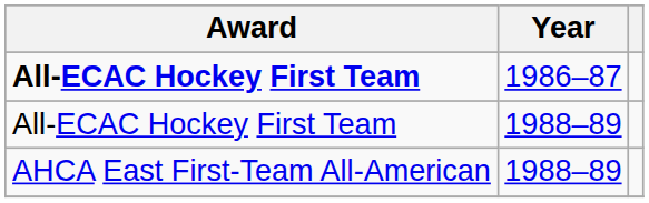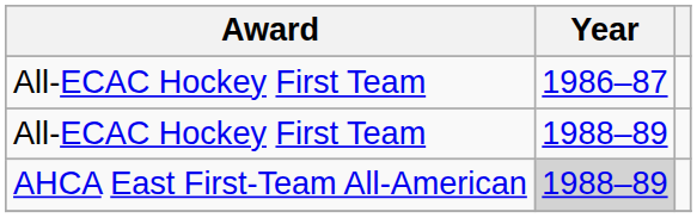 <table class="wikitable">
 <tr>
 <th>Award</th>
 <th>Year</th>
 <th></th>
 </tr>
 <tr>
-<td><strong>All-<a href='#'>ECAC Hockey</a> <a href='#'>First Team</a></strong></td>
+<td>All-<a href='#'>ECAC Hockey</a> <a href='#'>First Team</a></td>
 <td><a href='#'>1986–87</a></td>
 <td></td>
 </tr>
 <tr>
 <td>All-<a href='#'>ECAC Hockey</a> <a href='#'>First Team</a></td>
 <td><a href='#'>1988–89</a></td>
 <td></td>
 </tr>
 <tr>
 <td><a href='#'>AHCA</a> <a href='#'>East First-Team All-American</a></td>
-<td><a href='#'>1988–89</a></td>
+<td style="background: lightgrey;"><a href='#'>1988–89</a></td>
 <td></td>
 </tr>
 <tr>
 </tr>
 </table>
